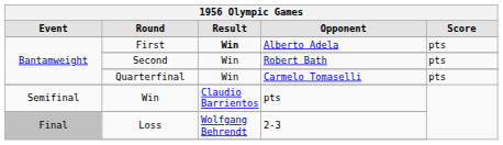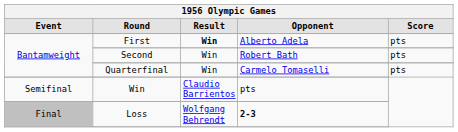 <table style='font-size: 85%; text-align: left;' class='wikitable' width='45%'>
 <tr>
 <th colspan=5>1956 Olympic Games</th>
 </tr>
 <tr>
 <th style='border-style: none none solid solid; background: #e3e3e3; width: 20%'><strong>Event</strong></th>
 <th style='border-style: none none solid solid; background: #e3e3e3; width: 20%'><strong>Round</strong></th>
 <th style='border-style: none none solid solid; background: #e3e3e3; width: 10%'><strong>Result</strong></th>
 <th style='border-style: none none solid solid; background: #e3e3e3; width: 35%'><strong>Opponent</strong></th>
 <th style='border-style: none none solid solid; background: #e3e3e3; width: 15%'><strong>Score</strong></th>
 </tr>
 <tr>
 </tr>
 <tr align=center>
 <td rowspan="5" style="text-align:center;"><a href='#'>Bantamweight</a></td>
 <td align='center'>First</td>
 <td><strong>Win</strong></td>
 <td align='left'> <a href='#'>Alberto Adela</a></td>
 <td align='left'>pts</td>
 </tr>
 <tr>
 </tr>
 <tr align=center>
 <td align='center'>Second</td>
 <td>Win</td>
 <td align='left'> <a href='#'>Robert Bath</a></td>
 <td align='left'>pts</td>
 </tr>
 <tr>
 </tr>
 <tr align=center>
 <td align='center'>Quarterfinal</td>
 <td>Win</td>
 <td align='left'> <a href='#'>Carmelo Tomaselli</a></td>
 <td align='left'>pts</td>
 </tr>
 <tr>
 </tr>
 <tr align=center>
 <td align='center'>Semifinal</td>
 <td>Win</td>
 <td align='left'> <a href='#'>Claudio Barrientos</a></td>
 <td align='left'>pts</td>
 </tr>
 <tr>
 </tr>
 <tr align=center>
 <td align='center'; bgcolor="silver">Final</td>
 <td>Loss</td>
 <td align='left'> <a href='#'>Wolfgang Behrendt</a></td>
-<td align='left'>2-3</td>
+<td align='left'><strong>2-3</strong></td>
 </tr>
 <tr>
 </tr>
 </table>
